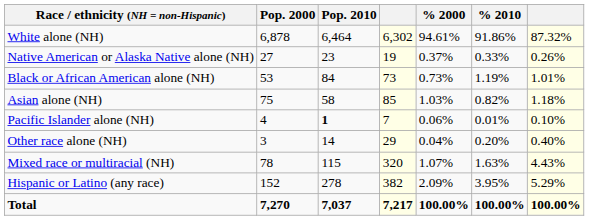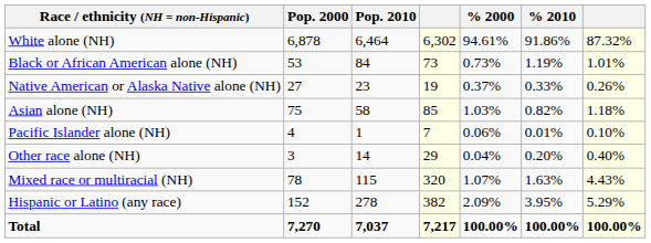 <table class="wikitable">
 <tr>
 <th>Race / ethnicity <small>(<em>NH = non-Hispanic</em>)</small></th>
 <th>Pop. 2000</th>
 <th>Pop. 2010</th>
 <th></th>
 <th>% 2000</th>
 <th>% 2010</th>
 <th></th>
 </tr>
 <tr>
 <td><a href='#'>White</a> alone (NH)</td>
 <td>6,878</td>
 <td>6,464</td>
 <td style='background: #ffffe6;'>6,302</td>
 <td>94.61%</td>
 <td>91.86%</td>
 <td style='background: #ffffe6;'>87.32%</td>
 </tr>
 <tr>
+<td><a href='#'>Black or African American</a> alone (NH)</td>
+<td>53</td>
+<td>84</td>
+<td style='background: #ffffe6;'>73</td>
+<td>0.73%</td>
+<td>1.19%</td>
+<td style='background: #ffffe6;'>1.01%</td>
+</tr>
+<tr>
 <td><a href='#'>Native American</a> or <a href='#'>Alaska Native</a> alone (NH)</td>
 <td>27</td>
 <td>23</td>
 <td style='background: #ffffe6;'>19</td>
 <td>0.37%</td>
 <td>0.33%</td>
 <td style='background: #ffffe6;'>0.26%</td>
-</tr>
-<tr>
-<td><a href='#'>Black or African American</a> alone (NH)</td>
-<td>53</td>
-<td>84</td>
-<td style='background: #ffffe6;'>73</td>
-<td>0.73%</td>
-<td>1.19%</td>
-<td style='background: #ffffe6;'>1.01%</td>
 </tr>
 <tr>
 <td><a href='#'>Asian</a> alone (NH)</td>
 <td>75</td>
 <td>58</td>
 <td style='background: #ffffe6;'>85</td>
 <td>1.03%</td>
 <td>0.82%</td>
 <td style='background: #ffffe6;'>1.18%</td>
 </tr>
 <tr>
 <td><a href='#'>Pacific Islander</a> alone (NH)</td>
 <td>4</td>
-<td><strong>1</strong></td>
+<td>1</td>
 <td style='background: #ffffe6;'>7</td>
 <td>0.06%</td>
 <td>0.01%</td>
 <td style='background: #ffffe6;'>0.10%</td>
 </tr>
 <tr>
 <td><a href='#'>Other race</a> alone (NH)</td>
 <td>3</td>
 <td>14</td>
 <td style='background: #ffffe6;'>29</td>
 <td>0.04%</td>
 <td>0.20%</td>
 <td style='background: #ffffe6;'>0.40%</td>
 </tr>
 <tr>
 <td><a href='#'>Mixed race or multiracial</a> (NH)</td>
 <td>78</td>
 <td>115</td>
 <td style='background: #ffffe6;'>320</td>
 <td>1.07%</td>
 <td>1.63%</td>
 <td style='background: #ffffe6;'>4.43%</td>
 </tr>
 <tr>
 <td><a href='#'>Hispanic or Latino</a> (any race)</td>
 <td>152</td>
 <td>278</td>
 <td style='background: #ffffe6;'>382</td>
 <td>2.09%</td>
 <td>3.95%</td>
 <td style='background: #ffffe6;'>5.29%</td>
 </tr>
 <tr>
 <td><strong>Total</strong></td>
 <td><strong>7,270</strong></td>
 <td><strong>7,037</strong></td>
 <td style='background: #ffffe6;'><strong>7,217</strong></td>
 <td><strong>100.00%</strong></td>
 <td><strong>100.00%</strong></td>
 <td style='background: #ffffe6;'><strong>100.00%</strong></td>
 </tr>
 </table>
